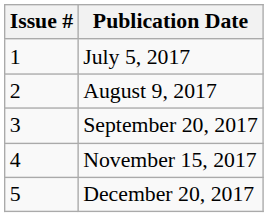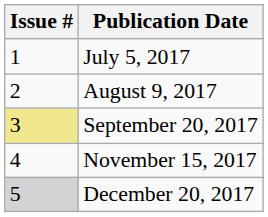 <table class="wikitable">
 <tr>
 <th>Issue #</th>
 <th>Publication Date</th>
 </tr>
 <tr>
 <td>1</td>
 <td>July 5, 2017</td>
 </tr>
 <tr>
 <td>2</td>
 <td>August 9, 2017</td>
 </tr>
 <tr>
-<td>3</td>
+<td style="background: khaki;">3</td>
 <td>September 20, 2017</td>
 </tr>
 <tr>
 <td>4</td>
 <td>November 15, 2017</td>
 </tr>
 <tr>
-<td>5</td>
+<td style="background: lightgrey;">5</td>
 <td>December 20, 2017</td>
 </tr>
 </table>
